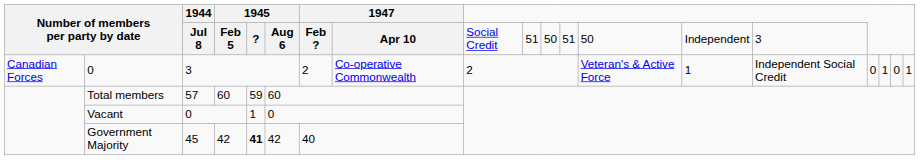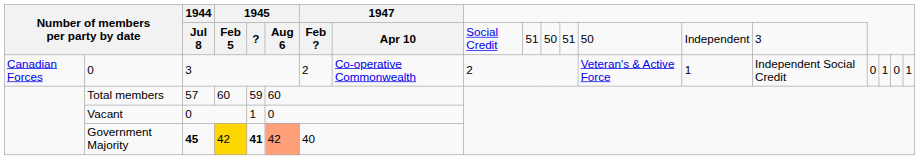 <table class="wikitable">
 <tr>
 <th colspan=2 rowspan=2>Number of members<br>per party by date</th>
 <th>1944</th>
 <th colspan=3>1945</th>
 <th colspan=2>1947</th>
 </tr>
 <tr>
 <th>Jul 8</th>
 <th>Feb 5</th>
 <th>?</th>
 <th>Aug 6</th>
 <th>Feb ?</th>
 <th>Apr 10<br></th>
 <td><a href='#'>Social Credit</a></td>
 <td colspan=2>51</td>
 <td>50</td>
 <td>51</td>
 <td colspan=2>50<br></td>
 <td>Independent</td>
 <td colspan=6>3</td>
 </tr>
 <tr>
 <td><a href='#'>Canadian Forces</a></td>
 <td>0</td>
 <td colspan=4>3</td>
 <td>2<br></td>
 <td><a href='#'>Co-operative Commonwealth</a></td>
 <td colspan=6>2<br></td>
 <td><a href='#'>Veteran's & Active Force</a></td>
 <td colspan=6>1<br></td>
 <td>Independent Social Credit</td>
 <td colspan=4>0</td>
 <td colspan=2>1<br></td>
 <td colspan=5>0</td>
 <td>1</td>
 </tr>
 <tr>
 <td rowspan=3></td>
 <td>Total members</td>
 <td>57</td>
 <td>60</td>
 <td>59</td>
 <td colspan=3>60</td>
 </tr>
 <tr>
 <td>Vacant</td>
 <td colspan=2>0</td>
 <td>1</td>
 <td colspan=3>0</td>
 </tr>
 <tr>
 <td>Government Majority</td>
-<td>45</td>
-<td>42</td>
+<td><strong>45</strong></td>
+<td style="background: gold;">42</td>
 <td><strong>41</strong></td>
-<td>42</td>
+<td style="background: lightsalmon;">42</td>
 <td colspan=2>40</td>
 </tr>
 </table>
